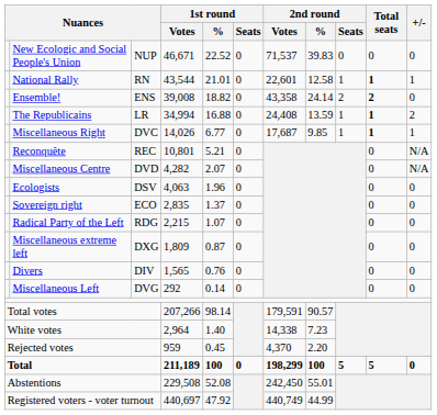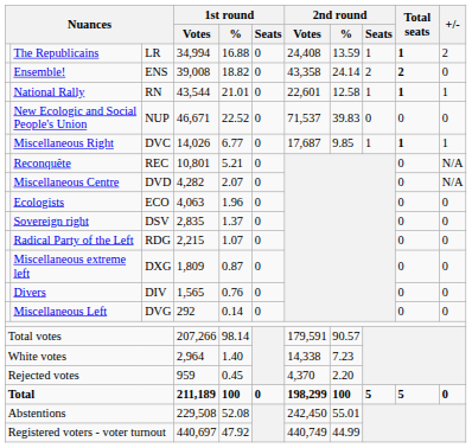 <table class="wikitable">
 <tr>
 <th colspan="3" rowspan="2">Nuances</th>
 <th colspan="3">1st round</th>
 <th colspan="3">2nd round</th>
 <th rowspan="2">Total seats</th>
 <th rowspan="2">+/-</th>
 </tr>
 <tr>
 <th>Votes</th>
 <th>%</th>
 <th>Seats</th>
 <th>Votes</th>
 <th>%</th>
 <th>Seats</th>
 </tr>
 <tr>
 <td style="background: "></td>
-<td><a href='#'>New Ecologic and Social People's Union</a></td>
-<td>NUP</td>
-<td>46,671</td>
-<td>22.52</td>
+<td><a href='#'>The Republicains</a></td>
+<td>LR</td>
+<td>34,994</td>
+<td>16.88</td>
 <td>0</td>
-<td>71,537</td>
-<td>39.83</td>
+<td>24,408</td>
+<td>13.59</td>
+<td>1</td>
+<td><strong>1</strong></td>
+<td>2</td>
+</tr>
+<tr>
+<td style="background: "></td>
+<td><a href='#'>Ensemble!</a></td>
+<td>ENS</td>
+<td>39,008</td>
+<td>18.82</td>
 <td>0</td>
-<td>0</td>
+<td>43,358</td>
+<td>24.14</td>
+<td>2</td>
+<td><strong>2</strong></td>
 <td>0</td>
 </tr>
 <tr>
 <td style="background: "></td>
 <td><a href='#'>National Rally</a></td>
 <td>RN</td>
 <td>43,544</td>
 <td>21.01</td>
 <td>0</td>
 <td>22,601</td>
 <td>12.58</td>
 <td>1</td>
 <td><strong>1</strong></td>
 <td>1</td>
 </tr>
 <tr>
 <td style="background: "></td>
-<td><a href='#'>Ensemble!</a></td>
-<td>ENS</td>
-<td>39,008</td>
-<td>18.82</td>
+<td><a href='#'>New Ecologic and Social People's Union</a></td>
+<td>NUP</td>
+<td>46,671</td>
+<td>22.52</td>
 <td>0</td>
-<td>43,358</td>
-<td>24.14</td>
-<td>2</td>
-<td><strong>2</strong></td>
+<td>71,537</td>
+<td>39.83</td>
 <td>0</td>
-</tr>
-<tr>
-<td style="background: "></td>
-<td><a href='#'>The Republicains</a></td>
-<td>LR</td>
-<td>34,994</td>
-<td>16.88</td>
 <td>0</td>
-<td>24,408</td>
-<td>13.59</td>
-<td>1</td>
-<td><strong>1</strong></td>
-<td>2</td>
+<td>0</td>
 </tr>
 <tr>
 <td style="background: "></td>
 <td><a href='#'>Miscellaneous Right</a></td>
 <td>DVC</td>
 <td>14,026</td>
 <td>6.77</td>
 <td>0</td>
 <td>17,687</td>
 <td>9.85</td>
 <td>1</td>
 <td><strong>1</strong></td>
 <td>1</td>
 </tr>
 <tr>
 <td style="background: "></td>
 <td><a href='#'>Reconquête</a></td>
 <td>REC</td>
 <td>10,801</td>
 <td>5.21</td>
 <td>0</td>
 <th colspan="3" rowspan="8"></th>
 <td>0</td>
 <td>N/A</td>
 </tr>
 <tr>
 <td style="background: "></td>
 <td><a href='#'>Miscellaneous Centre</a></td>
 <td>DVD</td>
 <td>4,282</td>
 <td>2.07</td>
 <td>0</td>
 <td>0</td>
 <td>N/A</td>
 </tr>
 <tr>
 <td style="background: "></td>
 <td><a href='#'>Ecologists</a></td>
-<td>DSV</td>
+<td>ECO</td>
 <td>4,063</td>
 <td>1.96</td>
 <td>0</td>
 <td>0</td>
 <td>0</td>
 </tr>
 <tr>
 <td style="background: "></td>
 <td><a href='#'>Sovereign right</a></td>
-<td>ECO</td>
+<td>DSV</td>
 <td>2,835</td>
 <td>1.37</td>
 <td>0</td>
 <td>0</td>
 <td>0</td>
 </tr>
 <tr>
 <td style="background: "></td>
 <td><a href='#'>Radical Party of the Left</a></td>
 <td>RDG</td>
 <td>2,215</td>
 <td>1.07</td>
 <td>0</td>
 <td>0</td>
 <td>0</td>
 </tr>
 <tr>
 <td style="background: "></td>
 <td><a href='#'>Miscellaneous extreme left</a></td>
 <td>DXG</td>
 <td>1,809</td>
 <td>0.87</td>
 <td>0</td>
 <td>0</td>
 <td>0</td>
 </tr>
 <tr>
 <td style="background: "></td>
 <td><a href='#'>Divers</a></td>
 <td>DIV</td>
 <td>1,565</td>
 <td>0.76</td>
 <td>0</td>
 <td>0</td>
 <td>0</td>
 </tr>
 <tr>
 <td style="background: "></td>
 <td><a href='#'>Miscellaneous Left</a></td>
 <td>DVG</td>
 <td>292</td>
 <td>0.14</td>
 <td>0</td>
 <td>0</td>
 <td>0</td>
 </tr>
 <tr>
 <td colspan="11"></td>
 </tr>
 <tr>
 <td colspan="3">Total votes</td>
 <td>207,266</td>
 <td>98.14</td>
 <th rowspan="3"></th>
 <td>179,591</td>
 <td>90.57</td>
 <th colspan="3" rowspan="3"></th>
 </tr>
 <tr>
 <td colspan="3">White votes</td>
 <td>2,964</td>
 <td>1.40</td>
 <td>14,338</td>
 <td>7.23</td>
 </tr>
 <tr>
 <td colspan="3">Rejected votes</td>
 <td>959</td>
 <td>0.45</td>
 <td>4,370</td>
 <td>2.20</td>
 </tr>
 <tr>
 <td colspan="3"><strong>Total</strong></td>
 <td><strong>211,189</strong></td>
 <td><strong>100</strong></td>
 <td><strong>0</strong></td>
 <td><strong>198,299</strong></td>
 <td><strong>100</strong></td>
 <td><strong>5</strong></td>
 <td><strong>5</strong></td>
 <td><strong>0</strong></td>
 </tr>
 <tr>
 <td colspan="3">Abstentions</td>
 <td>229,508</td>
 <td>52.08</td>
 <th rowspan="2"></th>
 <td>242,450</td>
 <td>55.01</td>
 <th colspan="3" rowspan="2"></th>
 </tr>
 <tr>
 <td colspan="3">Registered voters - voter turnout</td>
 <td>440,697</td>
 <td>47.92</td>
 <td>440,749</td>
 <td>44.99</td>
 </tr>
 </table>
